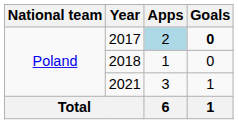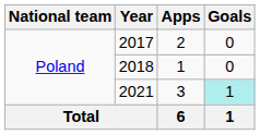 <table class="wikitable" style="text-align:center">
 <tr>
 <th>National team</th>
 <th>Year</th>
 <th>Apps</th>
 <th>Goals</th>
 </tr>
 <tr>
 <td rowspan="3"><a href='#'>Poland</a></td>
 <td>2017</td>
-<td style="background: lightblue;">2</td>
-<td><strong>0</strong></td>
+<td>2</td>
+<td>0</td>
 </tr>
 <tr>
 <td>2018</td>
 <td>1</td>
 <td>0</td>
 </tr>
 <tr>
 <td>2021</td>
 <td>3</td>
-<td>1</td>
+<td style="background: paleturquoise;">1</td>
 </tr>
 <tr>
 <th colspan="2">Total</th>
 <th>6</th>
 <th>1</th>
 </tr>
 </table>
